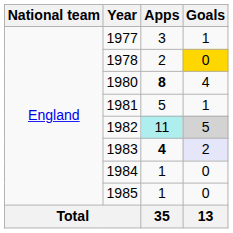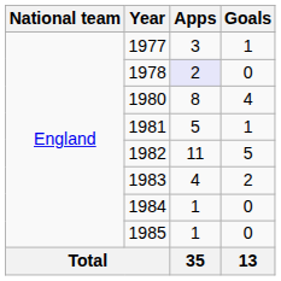 <table class="wikitable" style="text-align:center">
 <tr>
 <th>National team</th>
 <th>Year</th>
 <th>Apps</th>
 <th>Goals</th>
 </tr>
 <tr>
 <td rowspan="8"><a href='#'>England</a></td>
 <td>1977</td>
 <td>3</td>
 <td>1</td>
 </tr>
 <tr>
 <td>1978</td>
-<td>2</td>
-<td style="background: gold;">0</td>
+<td style="background: lavender;">2</td>
+<td>0</td>
 </tr>
 <tr>
 <td>1980</td>
-<td><strong>8</strong></td>
+<td>8</td>
 <td>4</td>
 </tr>
 <tr>
 <td>1981</td>
 <td>5</td>
 <td>1</td>
 </tr>
 <tr>
 <td>1982</td>
-<td style="background: paleturquoise;">11</td>
-<td style="background: lightgrey;">5</td>
+<td>11</td>
+<td>5</td>
 </tr>
 <tr>
 <td>1983</td>
-<td><strong>4</strong></td>
-<td style="background: lavender;">2</td>
+<td>4</td>
+<td>2</td>
 </tr>
 <tr>
 <td>1984</td>
 <td>1</td>
 <td>0</td>
 </tr>
 <tr>
 <td>1985</td>
 <td>1</td>
 <td>0</td>
 </tr>
 <tr>
 <th colspan="2">Total</th>
 <th>35</th>
 <th>13</th>
 </tr>
 </table>
